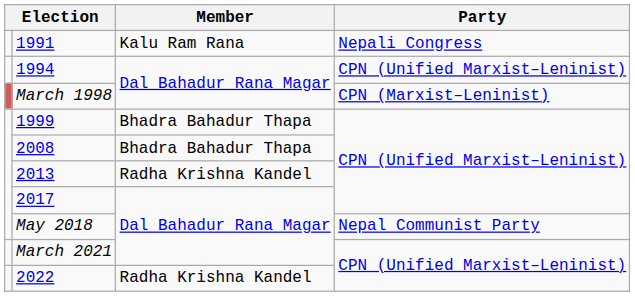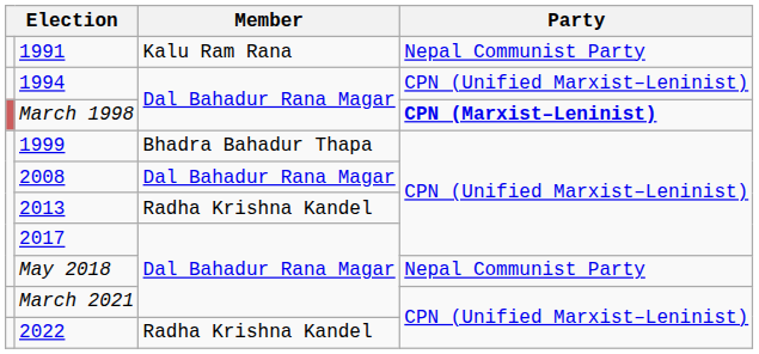 <table class="wikitable">
 <tr>
 <th colspan="2">Election</th>
 <th>Member</th>
 <th>Party</th>
 </tr>
 <tr>
 <td style="background-color:"></td>
 <td><a href='#'>1991</a></td>
 <td>Kalu Ram Rana</td>
-<td><a href='#'>Nepali Congress</a></td>
+<td><a href='#'>Nepal Communist Party</a></td>
 </tr>
 <tr>
 <td style="background-color:"></td>
 <td><a href='#'>1994</a></td>
 <td rowspan="2"><a href='#'>Dal Bahadur Rana Magar</a></td>
 <td><a href='#'>CPN (Unified Marxist–Leninist)</a></td>
 </tr>
 <tr>
 <td style="background-color:indianred"></td>
 <td><em>March 1998</em></td>
-<td><a href='#'>CPN (Marxist–Leninist)</a></td>
+<td><strong><a href='#'>CPN (Marxist–Leninist)</a></strong></td>
 </tr>
 <tr>
 <td rowspan="5" style="background-color:"></td>
 <td><a href='#'>1999</a></td>
 <td>Bhadra Bahadur Thapa</td>
 <td rowspan="4"><a href='#'>CPN (Unified Marxist–Leninist)</a></td>
 </tr>
 <tr>
 <td><a href='#'>2008</a></td>
-<td>Bhadra Bahadur Thapa</td>
+<td><a href='#'>Dal Bahadur Rana Magar</a></td>
 </tr>
 <tr>
 <td><a href='#'>2013</a></td>
 <td>Radha Krishna Kandel</td>
 </tr>
 <tr>
 <td><a href='#'>2017</a></td>
 <td rowspan="3"><a href='#'>Dal Bahadur Rana Magar</a></td>
 </tr>
 <tr>
 <td><em>May 2018</em></td>
 <td><a href='#'>Nepal Communist Party</a></td>
 </tr>
 <tr>
 <td></td>
 <td><em>March 2021</em></td>
 <td rowspan="2"><a href='#'>CPN (Unified Marxist–Leninist)</a></td>
 </tr>
 <tr>
 <td></td>
 <td><a href='#'>2022</a></td>
 <td>Radha Krishna Kandel</td>
 </tr>
 </table>
